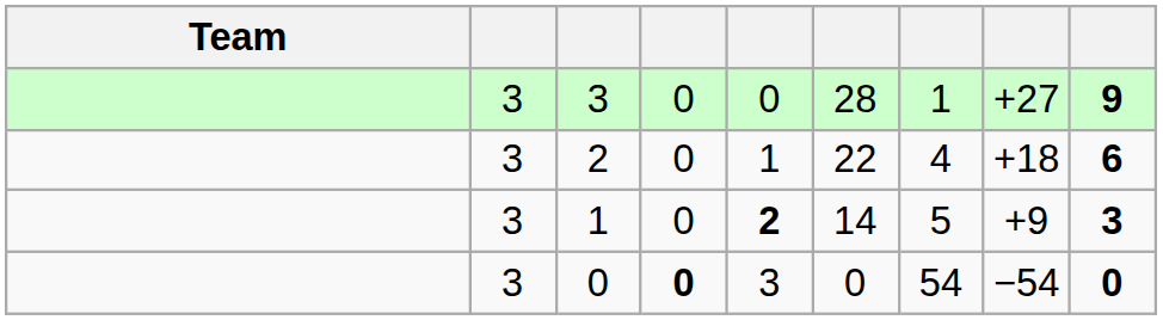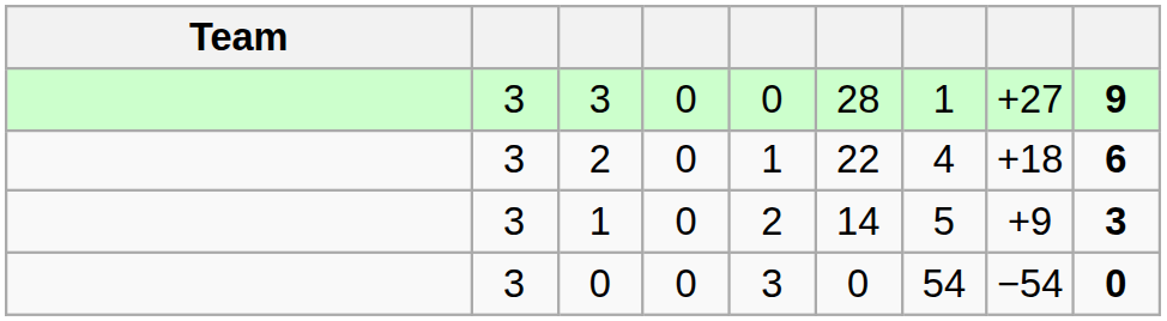 <table class="wikitable" style="text-align: center; font-size: 90%;">
 <tr>
 <th width=165>Team</th>
 <th width=25></th>
 <th width=25></th>
 <th width=25></th>
 <th width=25></th>
 <th width=25></th>
 <th width=25></th>
 <th width=25></th>
 <th width=25></th>
 </tr>
 <tr style="background:#ccffcc">
 <td align="left"></td>
 <td>3</td>
 <td>3</td>
 <td>0</td>
 <td>0</td>
 <td>28</td>
 <td>1</td>
 <td>+27</td>
 <td><strong>9</strong></td>
 </tr>
 <tr>
 <td align="left"></td>
 <td>3</td>
 <td>2</td>
 <td>0</td>
 <td>1</td>
 <td>22</td>
 <td>4</td>
 <td>+18</td>
 <td><strong>6</strong></td>
 </tr>
 <tr>
 <td align="left"></td>
 <td>3</td>
 <td>1</td>
 <td>0</td>
-<td><strong>2</strong></td>
+<td>2</td>
 <td>14</td>
 <td>5</td>
 <td>+9</td>
 <td><strong>3</strong></td>
 </tr>
 <tr>
 <td align="left"></td>
 <td>3</td>
 <td>0</td>
-<td><strong>0</strong></td>
+<td>0</td>
 <td>3</td>
 <td>0</td>
 <td>54</td>
 <td>−54</td>
 <td><strong>0</strong></td>
 </tr>
 </table>
